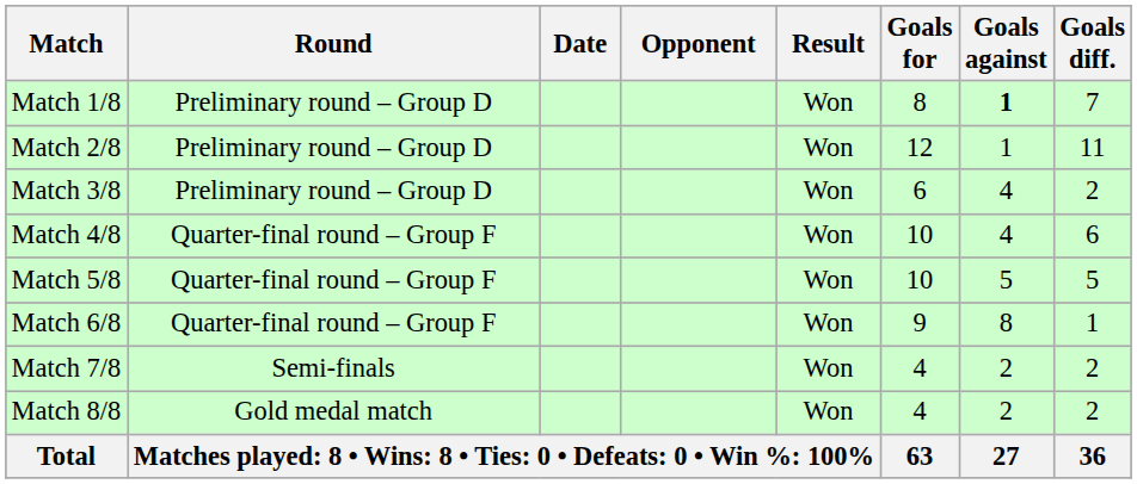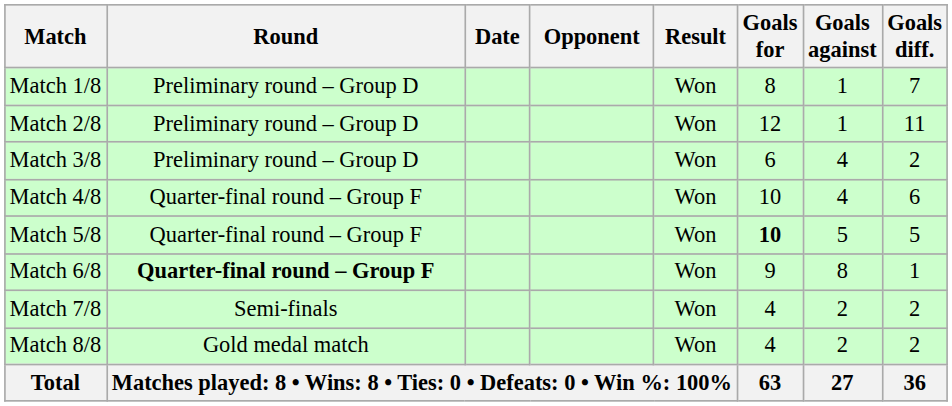 <table class="wikitable sortable" style="text-align: center; font-size: 85%; margin-left: 1em;">
 <tr>
 <th>Match</th>
 <th>Round</th>
 <th>Date</th>
 <th>Opponent</th>
 <th>Result</th>
 <th>Goals<br>for</th>
 <th>Goals<br>against</th>
 <th>Goals<br>diff.</th>
 </tr>
 <tr style="background-color: #ccffcc;">
 <td>Match 1/8</td>
 <td>Preliminary round – Group D</td>
 <td style="text-align: right;"></td>
 <td style="text-align: left;"></td>
 <td>Won</td>
 <td>8</td>
-<td><strong>1</strong></td>
+<td>1</td>
 <td>7</td>
 </tr>
 <tr style="background-color: #ccffcc;">
 <td>Match 2/8</td>
 <td>Preliminary round – Group D</td>
 <td style="text-align: right;"></td>
 <td style="text-align: left;"></td>
 <td>Won</td>
 <td>12</td>
 <td>1</td>
 <td>11</td>
 </tr>
 <tr style="background-color: #ccffcc;">
 <td>Match 3/8</td>
 <td>Preliminary round – Group D</td>
 <td style="text-align: right;"></td>
 <td style="text-align: left;"></td>
 <td>Won</td>
 <td>6</td>
 <td>4</td>
 <td>2</td>
 </tr>
 <tr style="background-color: #ccffcc;">
 <td>Match 4/8</td>
 <td>Quarter-final round – Group F</td>
 <td style="text-align: right;"></td>
 <td style="text-align: left;"></td>
 <td>Won</td>
 <td>10</td>
 <td>4</td>
 <td>6</td>
 </tr>
 <tr style="background-color: #ccffcc;">
 <td>Match 5/8</td>
 <td>Quarter-final round – Group F</td>
 <td style="text-align: right;"></td>
 <td style="text-align: left;"></td>
 <td>Won</td>
-<td>10</td>
+<td><strong>10</strong></td>
 <td>5</td>
 <td>5</td>
 </tr>
 <tr style="background-color: #ccffcc;">
 <td>Match 6/8</td>
-<td>Quarter-final round – Group F</td>
+<td><strong>Quarter-final round – Group F</strong></td>
 <td style="text-align: right;"></td>
 <td style="text-align: left;"></td>
 <td>Won</td>
 <td>9</td>
 <td>8</td>
 <td>1</td>
 </tr>
 <tr style="background-color: #ccffcc;">
 <td>Match 7/8</td>
 <td>Semi-finals</td>
 <td style="text-align: right;"></td>
 <td style="text-align: left;"></td>
 <td>Won</td>
 <td>4</td>
 <td>2</td>
 <td>2</td>
 </tr>
 <tr style="background-color: #ccffcc;">
 <td>Match 8/8</td>
 <td>Gold medal match</td>
 <td style="text-align: right;"></td>
 <td style="text-align: left;"></td>
 <td>Won</td>
 <td>4</td>
 <td>2</td>
 <td>2</td>
 </tr>
 <tr>
 <th>Total</th>
 <th colspan="4">Matches played: 8 • Wins: 8 • Ties: 0 • Defeats: 0 • Win %: 100%</th>
 <th>63</th>
 <th>27</th>
 <th>36</th>
 </tr>
 </table>
